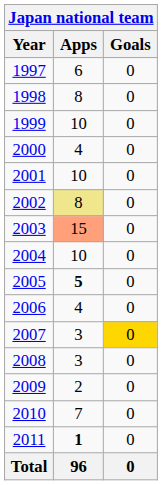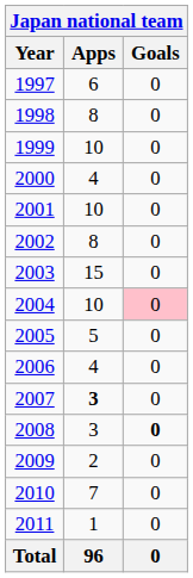 <table class="wikitable" style="text-align:center">
 <tr>
 <th colspan=3><a href='#'>Japan national team</a></th>
 </tr>
 <tr>
 <th>Year</th>
 <th>Apps</th>
 <th>Goals</th>
 </tr>
 <tr>
 <td><a href='#'>1997</a></td>
 <td>6</td>
 <td>0</td>
 </tr>
 <tr>
 <td><a href='#'>1998</a></td>
 <td>8</td>
 <td>0</td>
 </tr>
 <tr>
 <td><a href='#'>1999</a></td>
 <td>10</td>
 <td>0</td>
 </tr>
 <tr>
 <td><a href='#'>2000</a></td>
 <td>4</td>
 <td>0</td>
 </tr>
 <tr>
 <td><a href='#'>2001</a></td>
 <td>10</td>
 <td>0</td>
 </tr>
 <tr>
 <td><a href='#'>2002</a></td>
-<td style="background: khaki;">8</td>
+<td>8</td>
 <td>0</td>
 </tr>
 <tr>
 <td><a href='#'>2003</a></td>
-<td style="background: lightsalmon;">15</td>
+<td>15</td>
 <td>0</td>
 </tr>
 <tr>
 <td><a href='#'>2004</a></td>
 <td>10</td>
-<td>0</td>
+<td style="background: pink;">0</td>
 </tr>
 <tr>
 <td><a href='#'>2005</a></td>
-<td><strong>5</strong></td>
+<td>5</td>
 <td>0</td>
 </tr>
 <tr>
 <td><a href='#'>2006</a></td>
 <td>4</td>
 <td>0</td>
 </tr>
 <tr>
 <td><a href='#'>2007</a></td>
-<td>3</td>
-<td style="background: gold;">0</td>
+<td><strong>3</strong></td>
+<td>0</td>
 </tr>
 <tr>
 <td><a href='#'>2008</a></td>
 <td>3</td>
-<td>0</td>
+<td><strong>0</strong></td>
 </tr>
 <tr>
 <td><a href='#'>2009</a></td>
 <td>2</td>
 <td>0</td>
 </tr>
 <tr>
 <td><a href='#'>2010</a></td>
 <td>7</td>
 <td>0</td>
 </tr>
 <tr>
 <td><a href='#'>2011</a></td>
-<td><strong>1</strong></td>
+<td>1</td>
 <td>0</td>
 </tr>
 <tr>
 <th>Total</th>
 <th>96</th>
 <th>0</th>
 </tr>
 </table>
